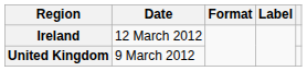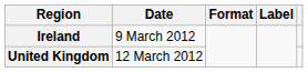 <table class="wikitable plainrowheaders">
 <tr>
 <th scope="col">Region</th>
 <th scope="col">Date</th>
 <th scope="col">Format</th>
 <th scope="col">Label</th>
 <th scope="col"></th>
 </tr>
 <tr>
 <th scope="row">Ireland</th>
-<td>12 March 2012</td>
+<td>9 March 2012</td>
 <td rowspan="2"></td>
 <td rowspan="2"></td>
 <td align="center"></td>
 </tr>
 <tr>
 <th scope="row">United Kingdom</th>
-<td>9 March 2012</td>
+<td>12 March 2012</td>
 <td align="center"></td>
 </tr>
 </table>
